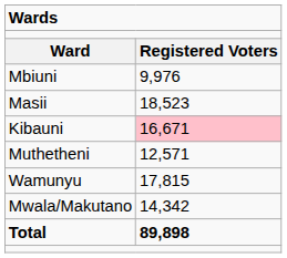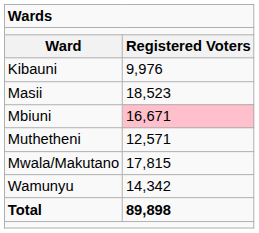 <table class="wikitable">
 <tr>
 <td colspan="2"><strong>Wards</strong></td>
 </tr>
 <tr>
 <td colspan="2"></td>
 </tr>
 <tr>
 <th>Ward</th>
 <th>Registered Voters</th>
 </tr>
 <tr>
-<td>Mbiuni</td>
+<td>Kibauni</td>
 <td>9,976</td>
 </tr>
 <tr>
 <td>Masii</td>
 <td>18,523</td>
 </tr>
 <tr>
-<td>Kibauni</td>
+<td>Mbiuni</td>
 <td style="background: pink;">16,671</td>
 </tr>
 <tr>
 <td>Muthetheni</td>
 <td>12,571</td>
 </tr>
 <tr>
-<td>Wamunyu</td>
+<td>Mwala/Makutano</td>
 <td>17,815</td>
 </tr>
 <tr>
-<td>Mwala/Makutano</td>
+<td>Wamunyu</td>
 <td>14,342</td>
 </tr>
 <tr>
 <td><strong>Total</strong></td>
 <td><strong>89,898</strong></td>
 </tr>
 <tr>
 <td colspan="2"></td>
 </tr>
 </table>
